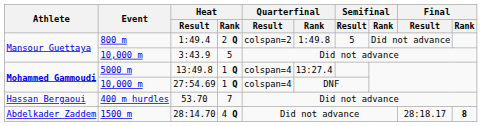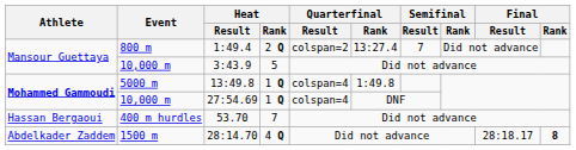 <table class="wikitable" style="font-size:90%">
 <tr>
 <th rowspan="2">Athlete</th>
 <th rowspan="2">Event</th>
 <th colspan="2">Heat</th>
 <th colspan="2">Quarterfinal</th>
 <th colspan="2">Semifinal</th>
 <th colspan="2">Final</th>
 </tr>
 <tr style="font-size:95%">
 <th>Result</th>
 <th>Rank</th>
 <th>Result</th>
 <th>Rank</th>
 <th>Result</th>
 <th>Rank</th>
 <th>Result</th>
 <th>Rank</th>
 </tr>
 <tr align=center>
 <td align=left rowspan=2><a href='#'>Mansour Guettaya</a></td>
 <td align=left><a href='#'>800 m</a></td>
 <td>1:49.4</td>
 <td>2 <strong>Q</strong></td>
 <td>colspan=2 </td>
-<td>1:49.8</td>
-<td>5</td>
+<td>13:27.4</td>
+<td>7</td>
 <td colspan=2>Did not advance</td>
 </tr>
 <tr align=center>
 <td align=left><a href='#'>10,000 m</a></td>
 <td>3:43.9</td>
 <td>5</td>
 <td colspan=6>Did not advance</td>
 </tr>
 <tr align=center>
 <td align=left rowspan=2><strong><a href='#'>Mohammed Gammoudi</a></strong></td>
 <td align=left><a href='#'>5000 m</a></td>
 <td>13:49.8</td>
 <td>1 <strong>Q</strong></td>
 <td>colspan=4 </td>
-<td>13:27.4</td>
+<td>1:49.8</td>
 <td></td>
 </tr>
 <tr align=center>
 <td align=left><a href='#'>10,000 m</a></td>
 <td>27:54.69</td>
 <td>1 <strong>Q</strong></td>
 <td>colspan=4 </td>
 <td colspan=2>DNF</td>
 </tr>
 <tr align=center>
 <td align=left><a href='#'>Hassan Bergaoui</a></td>
 <td align=left><a href='#'>400 m hurdles</a></td>
 <td>53.70</td>
 <td>7</td>
 <td colspan=6>Did not advance</td>
 </tr>
 <tr align=center>
 <td align=left><a href='#'>Abdelkader Zaddem</a></td>
 <td align=left><a href='#'>1500 m</a></td>
 <td>28:14.70</td>
 <td>4 <strong>Q</strong></td>
 <td colspan=4>Did not advance</td>
 <td>28:18.17</td>
 <td><strong>8</strong></td>
 </tr>
 </table>
